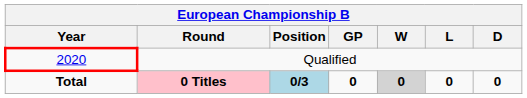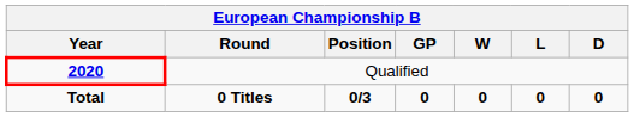 <table class="wikitable" style="text-align: center;">
 <tr>
 <th colspan="7"><a href='#'>European Championship B</a></th>
 </tr>
 <tr>
 <th width="150">Year</th>
 <th width="150">Round</th>
 <th width="50">Position</th>
 <th width="50">GP</th>
 <th width="50">W</th>
 <th width="50">L</th>
 <th width="50">D</th>
 </tr>
 <tr>
-<td style="border: 3px solid red">   <a href='#'>2020</a></td>
+<td style="border: 3px solid red"><strong>   <a href='#'>2020</a></strong></td>
 <td colspan="6">Qualified</td>
 </tr>
 <tr>
 <td><strong>Total</strong></td>
-<td style="background: pink;"><strong>0 Titles</strong></td>
-<td style="background: lightblue;"><strong>0/3</strong></td>
+<td><strong>0 Titles</strong></td>
+<td><strong>0/3</strong></td>
 <td><strong>0</strong></td>
-<td style="background: lightgrey;"><strong>0</strong></td>
+<td><strong>0</strong></td>
 <td><strong>0</strong></td>
 <td><strong>0</strong></td>
 </tr>
 </table>
